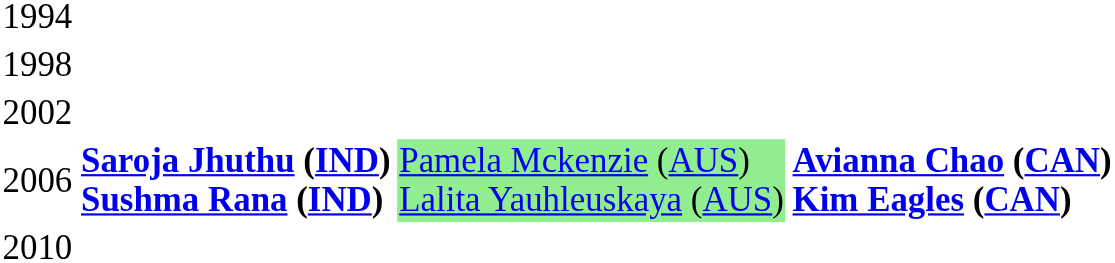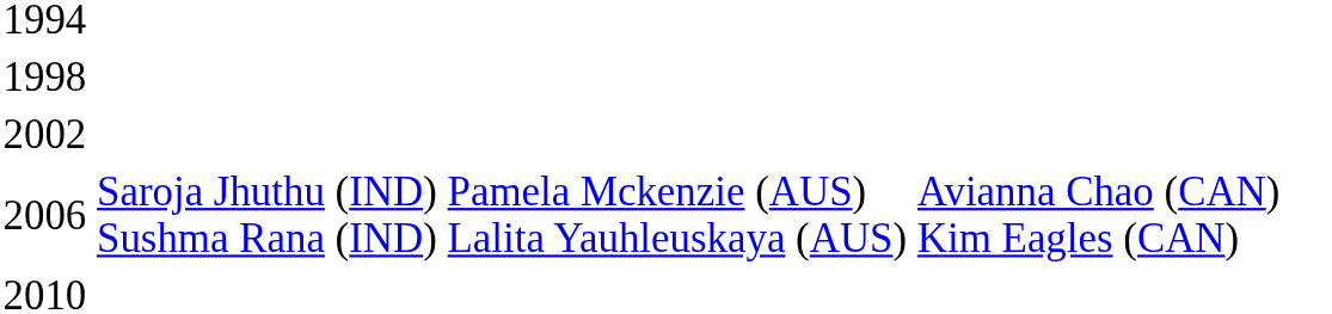 <table>
 <tr>
 <td>1994</td>
 <td></td>
 <td></td>
 <td></td>
 </tr>
 <tr>
 <td>1998</td>
 <td></td>
 <td></td>
 <td></td>
 </tr>
 <tr>
 <td>2002</td>
 <td></td>
 <td></td>
 <td></td>
 </tr>
 <tr>
 <td>2006</td>
-<td><strong> <a href='#'>Saroja Jhuthu</a> (<a href='#'>IND</a>)<br> <a href='#'>Sushma Rana</a> (<a href='#'>IND</a>)</strong></td>
-<td style="background: lightgreen;"> <a href='#'>Pamela Mckenzie</a> (<a href='#'>AUS</a>)<br> <a href='#'>Lalita Yauhleuskaya</a> (<a href='#'>AUS</a>)</td>
-<td><strong> <a href='#'>Avianna Chao</a> (<a href='#'>CAN</a>)<br> <a href='#'>Kim Eagles</a> (<a href='#'>CAN</a>)</strong></td>
+<td> <a href='#'>Saroja Jhuthu</a> (<a href='#'>IND</a>)<br> <a href='#'>Sushma Rana</a> (<a href='#'>IND</a>)</td>
+<td> <a href='#'>Pamela Mckenzie</a> (<a href='#'>AUS</a>)<br> <a href='#'>Lalita Yauhleuskaya</a> (<a href='#'>AUS</a>)</td>
+<td> <a href='#'>Avianna Chao</a> (<a href='#'>CAN</a>)<br> <a href='#'>Kim Eagles</a> (<a href='#'>CAN</a>)</td>
 </tr>
 <tr>
 <td>2010<br></td>
 <td></td>
 <td></td>
 <td></td>
 </tr>
 </table>
